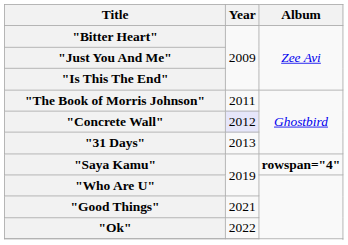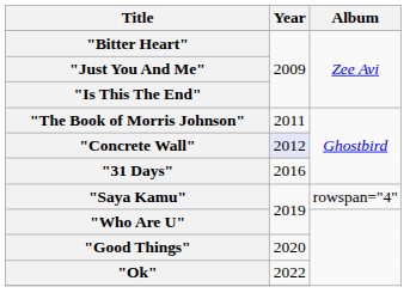 <table class="wikitable plainrowheaders" style="text-align:center;">
 <tr>
 <th scope="col" style="width:16em;">Title</th>
 <th scope="col">Year</th>
 <th scope="col">Album</th>
 </tr>
 <tr>
 <th scope="row">"Bitter Heart"</th>
 <td rowspan="3">2009</td>
 <td rowspan="3"><em><a href='#'>Zee Avi</a></em></td>
 </tr>
 <tr>
 <th scope="row">"Just You And Me"</th>
 </tr>
 <tr>
 <th scope="row">"Is This The End"</th>
 </tr>
 <tr>
 <th scope="row">"The Book of Morris Johnson"</th>
 <td>2011</td>
 <td rowspan="3"><em><a href='#'>Ghostbird</a></em></td>
 </tr>
 <tr>
 <th scope="row">"Concrete Wall"</th>
 <td style="background: lavender;">2012</td>
 </tr>
 <tr>
 <th scope="row">"31 Days"</th>
-<td>2013</td>
+<td>2016</td>
 </tr>
 <tr>
 <th scope="row">"Saya Kamu"</th>
 <td rowspan="2">2019</td>
-<td><strong>rowspan="4" </strong></td>
+<td>rowspan="4" </td>
 </tr>
 <tr>
 <th scope="row">"Who Are U"</th>
 </tr>
 <tr>
 <th scope="row">"Good Things"</th>
-<td>2021</td>
+<td>2020</td>
 </tr>
 <tr>
 <th scope="row">"Ok"</th>
 <td>2022</td>
 </tr>
 <tr>
 </tr>
 </table>
